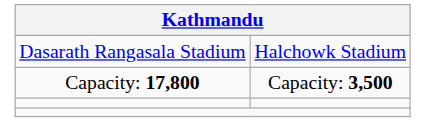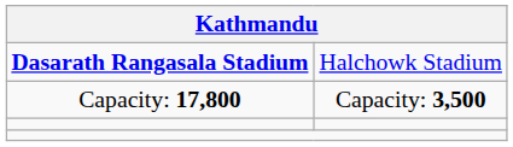 <table class="wikitable" style="text-align:center;margin:1em auto;">
 <tr>
 <th colspan=2><a href='#'>Kathmandu</a></th>
 </tr>
 <tr>
-<td><a href='#'>Dasarath Rangasala Stadium</a></td>
+<td><strong><a href='#'>Dasarath Rangasala Stadium</a></strong></td>
 <td><a href='#'>Halchowk Stadium</a></td>
 </tr>
 <tr>
 <td>Capacity: <strong>17,800</strong></td>
 <td>Capacity: <strong>3,500</strong></td>
 </tr>
 <tr>
 <td></td>
 <td></td>
 </tr>
 <tr>
 <td rowspan=2 colspan=2></td>
 </tr>
 </table>
